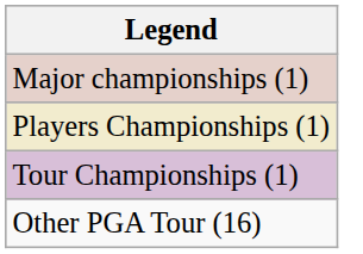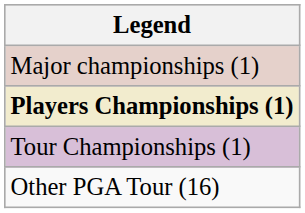 <table class="wikitable" style="font-size:95%;">
 <tr>
 <th>Legend</th>
 </tr>
 <tr style="background:#e5d1cb;">
 <td>Major championships (1)</td>
 </tr>
 <tr style="background:#f2ecce;">
-<td>Players Championships (1)</td>
+<td><strong>Players Championships (1)</strong></td>
 </tr>
 <tr style="background:thistle;">
 <td>Tour Championships (1)</td>
 </tr>
 <tr>
 <td>Other PGA Tour (16)</td>
 </tr>
 </table>
